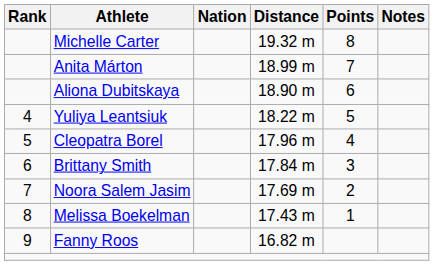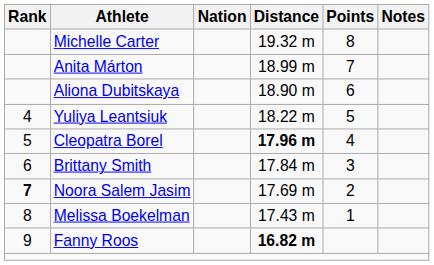 <table class="wikitable mw-datatable sortable" style="text-align:center;">
 <tr>
 <th>Rank</th>
 <th>Athlete</th>
 <th>Nation</th>
 <th>Distance</th>
 <th>Points</th>
 <th>Notes</th>
 </tr>
 <tr>
 <td></td>
 <td align=left><a href='#'>Michelle Carter</a></td>
 <td align=left></td>
 <td>19.32 m</td>
 <td>8</td>
 <td></td>
 </tr>
 <tr>
 <td></td>
 <td align=left><a href='#'>Anita Márton</a></td>
 <td align=left></td>
 <td>18.99 m</td>
 <td>7</td>
 <td></td>
 </tr>
 <tr>
 <td></td>
 <td align=left><a href='#'>Aliona Dubitskaya</a></td>
 <td align=left></td>
 <td>18.90 m</td>
 <td>6</td>
 <td></td>
 </tr>
 <tr>
 <td>4</td>
 <td align=left><a href='#'>Yuliya Leantsiuk</a></td>
 <td align=left></td>
 <td>18.22 m</td>
 <td>5</td>
 <td></td>
 </tr>
 <tr>
 <td>5</td>
 <td align=left><a href='#'>Cleopatra Borel</a></td>
 <td align=left></td>
-<td>17.96 m</td>
+<td><strong>17.96 m</strong></td>
 <td>4</td>
 <td></td>
 </tr>
 <tr>
 <td>6</td>
 <td align=left><a href='#'>Brittany Smith</a></td>
 <td align=left></td>
 <td>17.84 m</td>
 <td>3</td>
 <td></td>
 </tr>
 <tr>
-<td>7</td>
+<td><strong>7</strong></td>
 <td align=left><a href='#'>Noora Salem Jasim</a></td>
 <td align=left></td>
 <td>17.69 m</td>
 <td>2</td>
 <td><strong></strong></td>
 </tr>
 <tr>
 <td>8</td>
 <td align=left><a href='#'>Melissa Boekelman</a></td>
 <td align=left></td>
 <td>17.43 m</td>
 <td>1</td>
 <td></td>
 </tr>
 <tr>
 <td>9</td>
 <td align=left><a href='#'>Fanny Roos</a></td>
 <td align=left></td>
-<td>16.82 m</td>
+<td><strong>16.82 m</strong></td>
 <td></td>
 <td></td>
 </tr>
 <tr class="sortbottom">
 <td colspan=6></td>
 </tr>
 </table>
